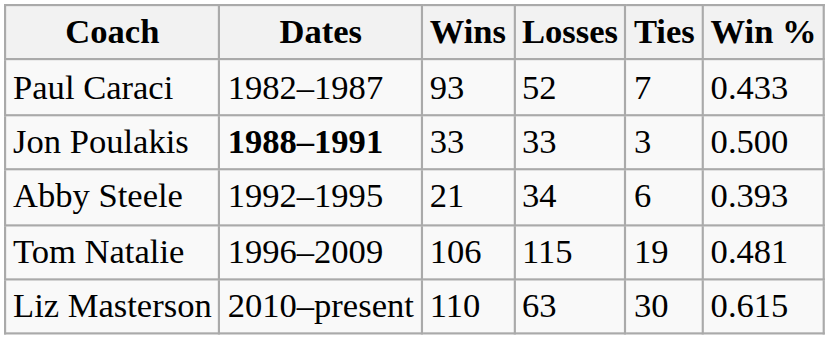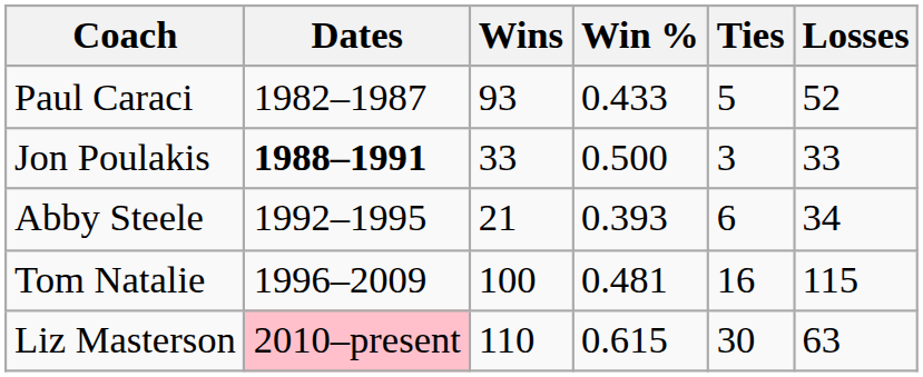 <table class="wikitable">
 <tr>
 <th width=px>Coach</th>
 <th width=px>Dates</th>
 <th width=px>Wins</th>
+<th width=px>Win %</th>
+<th width=px>Ties</th>
 <th width=px>Losses</th>
-<th width=px>Ties</th>
-<th width=px>Win %</th>
 </tr>
 <tr>
 <td>Paul Caraci</td>
 <td>1982–1987</td>
 <td>93</td>
+<td>0.433</td>
+<td>5</td>
 <td>52</td>
-<td>7</td>
-<td>0.433</td>
 </tr>
 <tr>
 <td>Jon Poulakis</td>
 <td><strong>1988–1991</strong></td>
 <td>33</td>
+<td>0.500</td>
+<td>3</td>
 <td>33</td>
-<td>3</td>
-<td>0.500</td>
 </tr>
 <tr>
 <td>Abby Steele</td>
 <td>1992–1995</td>
 <td>21</td>
+<td>0.393</td>
+<td>6</td>
 <td>34</td>
-<td>6</td>
-<td>0.393</td>
 </tr>
 <tr>
 <td>Tom Natalie</td>
 <td>1996–2009</td>
-<td>106</td>
+<td>100</td>
+<td>0.481</td>
+<td>16</td>
 <td>115</td>
-<td>19</td>
-<td>0.481</td>
 </tr>
 <tr>
 <td>Liz Masterson</td>
-<td>2010–present</td>
+<td style="background: pink;">2010–present</td>
 <td>110</td>
+<td>0.615</td>
+<td>30</td>
 <td>63</td>
-<td>30</td>
-<td>0.615</td>
 </tr>
 </table>
